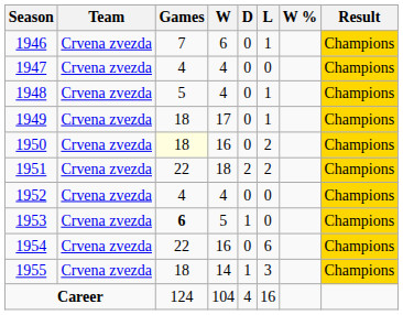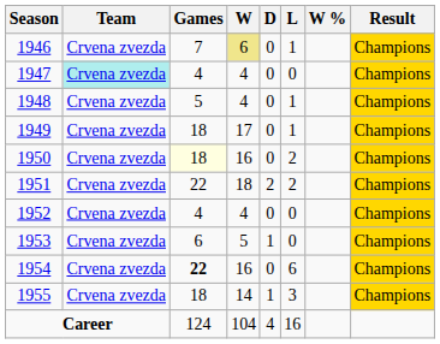 <table class="wikitable sortable" style="font-size:90%; text-align:center;">
 <tr>
 <th scope="col">Season</th>
 <th scope="col">Team</th>
 <th scope="col">Games</th>
 <th scope="col">W</th>
 <th scope="col">D</th>
 <th scope="col">L</th>
 <th scope="col">W %</th>
 <th scope="col">Result</th>
 </tr>
 <tr>
 <td><a href='#'>1946</a></td>
 <td><a href='#'>Crvena zvezda</a></td>
 <td>7</td>
-<td>6</td>
+<td style="background: khaki;">6</td>
 <td>0</td>
 <td>1</td>
 <td></td>
 <td style="background:gold;">Champions</td>
 </tr>
 <tr>
 <td><a href='#'>1947</a></td>
-<td><a href='#'>Crvena zvezda</a></td>
+<td style="background: paleturquoise;"><a href='#'>Crvena zvezda</a></td>
 <td>4</td>
 <td>4</td>
 <td>0</td>
 <td>0</td>
 <td></td>
 <td style="background:gold;">Champions</td>
 </tr>
 <tr>
 <td><a href='#'>1948</a></td>
 <td><a href='#'>Crvena zvezda</a></td>
 <td>5</td>
 <td>4</td>
 <td>0</td>
 <td>1</td>
 <td></td>
 <td style="background:gold;">Champions</td>
 </tr>
 <tr>
 <td><a href='#'>1949</a></td>
 <td><a href='#'>Crvena zvezda</a></td>
 <td>18</td>
 <td>17</td>
 <td>0</td>
 <td>1</td>
 <td></td>
 <td style="background:gold;">Champions</td>
 </tr>
 <tr>
 <td><a href='#'>1950</a></td>
 <td><a href='#'>Crvena zvezda</a></td>
 <td style="background: lightyellow;">18</td>
 <td>16</td>
 <td>0</td>
 <td>2</td>
 <td></td>
 <td style="background:gold;">Champions</td>
 </tr>
 <tr>
 <td><a href='#'>1951</a></td>
 <td><a href='#'>Crvena zvezda</a></td>
 <td>22</td>
 <td>18</td>
 <td>2</td>
 <td>2</td>
 <td></td>
 <td style="background:gold;">Champions</td>
 </tr>
 <tr>
 <td><a href='#'>1952</a></td>
 <td><a href='#'>Crvena zvezda</a></td>
 <td>4</td>
 <td>4</td>
 <td>0</td>
 <td>0</td>
 <td></td>
 <td style="background:gold;">Champions</td>
 </tr>
 <tr>
 <td><a href='#'>1953</a></td>
 <td><a href='#'>Crvena zvezda</a></td>
-<td><strong>6</strong></td>
+<td>6</td>
 <td>5</td>
 <td>1</td>
 <td>0</td>
 <td></td>
 <td style="background:gold;">Champions</td>
 </tr>
 <tr>
 <td><a href='#'>1954</a></td>
 <td><a href='#'>Crvena zvezda</a></td>
-<td>22</td>
+<td><strong>22</strong></td>
 <td>16</td>
 <td>0</td>
 <td>6</td>
 <td></td>
 <td style="background:gold;">Champions</td>
 </tr>
 <tr>
 <td><a href='#'>1955</a></td>
 <td><a href='#'>Crvena zvezda</a></td>
 <td>18</td>
 <td>14</td>
 <td>1</td>
 <td>3</td>
 <td></td>
 <td style="background:gold;">Champions</td>
 </tr>
 <tr class="sortbottom">
 <td align="center" colspan=2><strong>Career</strong></td>
 <td>124</td>
 <td>104</td>
 <td>4</td>
 <td>16</td>
 <td></td>
 <td></td>
 </tr>
 </table>
